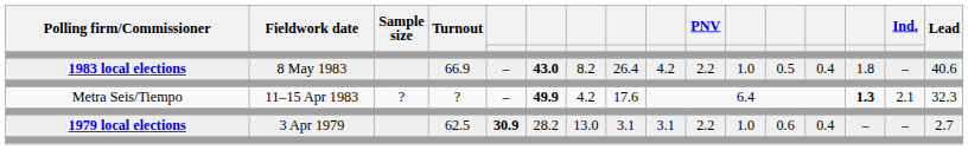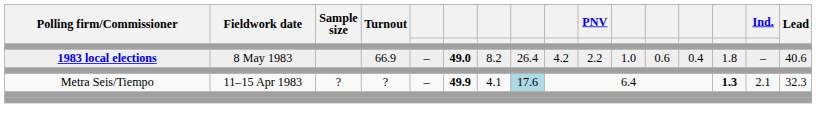 <table class="wikitable collapsible" style="text-align:center; font-size:95%; line-height:16px;">
 <tr style="height:42px;">
 <th style="width:250px;" rowspan="2">Polling firm/Commissioner</th>
 <th style="width:125px;" rowspan="2">Fieldwork date</th>
 <th style="width:50px;" rowspan="2">Sample size</th>
 <th style="width:45px;" rowspan="2">Turnout</th>
 <th style="width:35px;"></th>
 <th style="width:35px;"></th>
 <th style="width:35px;"></th>
 <th style="width:35px;"></th>
 <th style="width:35px;"></th>
 <th style="width:35px;"><a href='#'>PNV</a></th>
 <th style="width:35px;"></th>
 <th style="width:35px;"></th>
 <th style="width:35px;"></th>
 <th style="width:35px;"></th>
 <th style="width:35px;"><a href='#'>Ind.</a></th>
 <th style="width:30px;" rowspan="2">Lead</th>
 </tr>
 <tr>
 <th style="color:inherit;background:"></th>
 <th style="color:inherit;background:"></th>
 <th style="color:inherit;background:"></th>
 <th style="color:inherit;background:"></th>
 <th style="color:inherit;background:"></th>
 <th style="color:inherit;background:"></th>
 <th style="color:inherit;background:"></th>
 <th style="color:inherit;background:"></th>
 <th style="color:inherit;background:"></th>
 <th style="color:inherit;background:"></th>
 <th style="color:inherit;background:"></th>
 </tr>
 <tr>
 <td colspan="16" style="background:#A0A0A0"></td>
 </tr>
 <tr style="background:#EFEFEF;">
 <td><strong><a href='#'>1983 local elections</a></strong></td>
 <td>8 May 1983</td>
 <td></td>
 <td>66.9</td>
 <td>–</td>
-<td><strong>43.0</strong></td>
+<td><strong>49.0</strong></td>
 <td>8.2</td>
 <td>26.4</td>
 <td>4.2</td>
 <td>2.2</td>
 <td>1.0</td>
-<td>0.5</td>
+<td>0.6</td>
 <td>0.4</td>
 <td>1.8</td>
 <td>–</td>
 <td style="background:">40.6</td>
 </tr>
 <tr>
 <td colspan="16" style="background:#A0A0A0"></td>
 </tr>
 <tr>
 <td>Metra Seis/Tiempo</td>
 <td>11–15 Apr 1983</td>
 <td>?</td>
 <td>?</td>
 <td>–</td>
 <td><strong>49.9</strong></td>
-<td>4.2</td>
-<td>17.6</td>
+<td>4.1</td>
+<td style="background: lightblue;">17.6</td>
 <td colspan="5">6.4</td>
 <td><strong>1.3</strong></td>
 <td>2.1</td>
 <td style="background:">32.3</td>
 </tr>
 <tr>
 <td colspan="16" style="background:#A0A0A0"></td>
 </tr>
-<tr style="background:#EFEFEF;">
-<td><strong><a href='#'>1979 local elections</a></strong></td>
-<td>3 Apr 1979</td>
-<td></td>
-<td>62.5</td>
-<td><strong>30.9</strong></td>
-<td>28.2</td>
-<td>13.0</td>
-<td>3.1</td>
-<td>3.1</td>
-<td>2.2</td>
-<td>1.0</td>
-<td>0.6</td>
-<td>0.4</td>
-<td>–</td>
-<td>–</td>
-<td style="background:">2.7</td>
-</tr>
 <tr>
 <td colspan="16" style="background:#A0A0A0"></td>
 </tr>
 </table>
